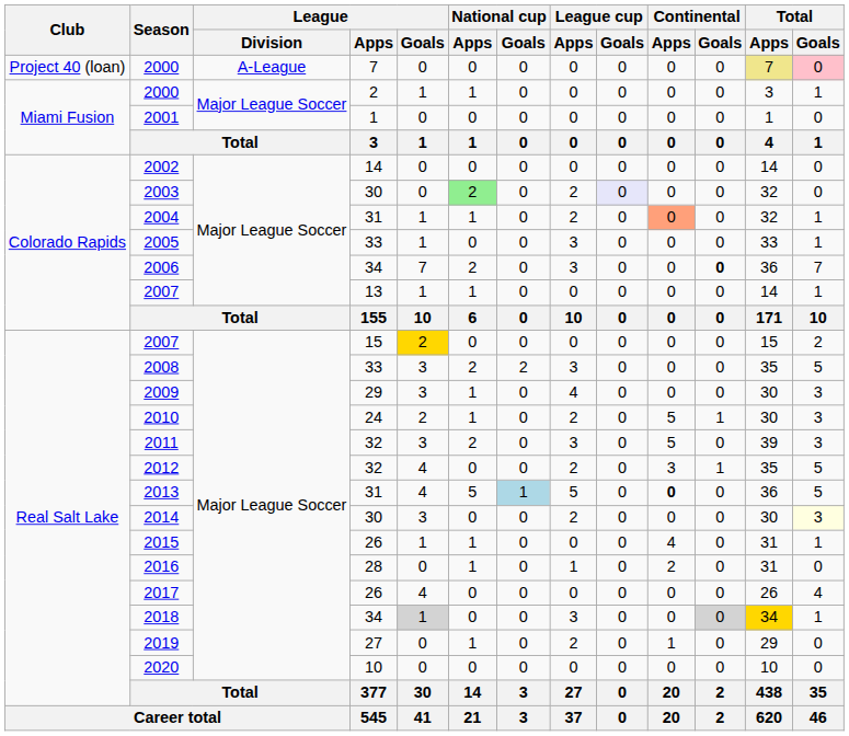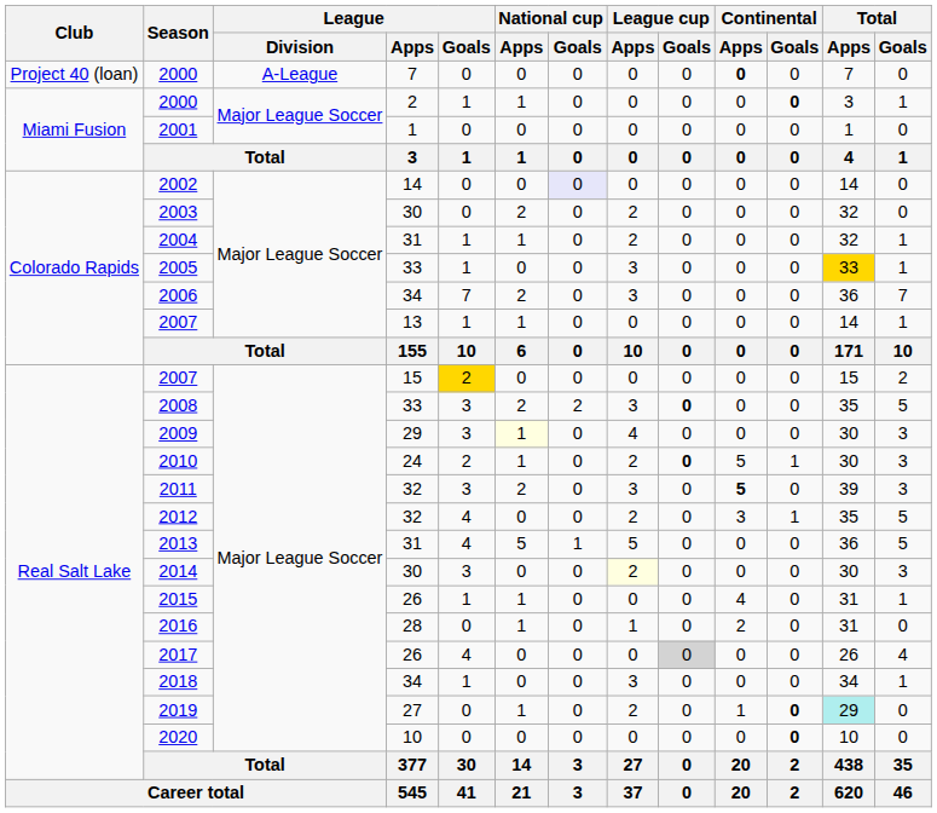 <table class="wikitable" style="text-align:center">
 <tr>
 <th rowspan="2">Club</th>
 <th rowspan="2">Season</th>
 <th colspan="3">League</th>
 <th colspan="2">National cup</th>
 <th colspan="2">League cup</th>
 <th colspan="2">Continental</th>
 <th colspan="2">Total</th>
 </tr>
 <tr>
 <th>Division</th>
 <th>Apps</th>
 <th>Goals</th>
 <th>Apps</th>
 <th>Goals</th>
 <th>Apps</th>
 <th>Goals</th>
 <th>Apps</th>
 <th>Goals</th>
 <th>Apps</th>
 <th>Goals</th>
 </tr>
 <tr>
 <td><a href='#'>Project 40</a> (loan)</td>
 <td><a href='#'>2000</a></td>
 <td><a href='#'>A-League</a></td>
 <td>7</td>
 <td>0</td>
 <td>0</td>
 <td>0</td>
 <td>0</td>
 <td>0</td>
+<td><strong>0</strong></td>
 <td>0</td>
+<td>7</td>
 <td>0</td>
-<td style="background: khaki;">7</td>
-<td style="background: pink;">0</td>
 </tr>
 <tr>
 <td rowspan="3"><a href='#'>Miami Fusion</a></td>
 <td><a href='#'>2000</a></td>
 <td rowspan="2"><a href='#'>Major League Soccer</a></td>
 <td>2</td>
 <td>1</td>
 <td>1</td>
 <td>0</td>
 <td>0</td>
 <td>0</td>
 <td>0</td>
-<td>0</td>
+<td><strong>0</strong></td>
 <td>3</td>
 <td>1</td>
 </tr>
 <tr>
 <td><a href='#'>2001</a></td>
 <td>1</td>
 <td>0</td>
 <td>0</td>
 <td>0</td>
 <td>0</td>
 <td>0</td>
 <td>0</td>
 <td>0</td>
 <td>1</td>
 <td>0</td>
 </tr>
 <tr>
 <th colspan="2">Total</th>
 <th>3</th>
 <th>1</th>
 <th>1</th>
 <th>0</th>
 <th>0</th>
 <th>0</th>
 <th>0</th>
 <th>0</th>
 <th>4</th>
 <th>1</th>
 </tr>
 <tr>
 <td rowspan="7"><a href='#'>Colorado Rapids</a></td>
 <td><a href='#'>2002</a></td>
 <td rowspan="6">Major League Soccer</td>
 <td>14</td>
 <td>0</td>
 <td>0</td>
-<td>0</td>
+<td style="background: lavender;">0</td>
 <td>0</td>
 <td>0</td>
 <td>0</td>
 <td>0</td>
 <td>14</td>
 <td>0</td>
 </tr>
 <tr>
 <td><a href='#'>2003</a></td>
 <td>30</td>
 <td>0</td>
-<td style="background: lightgreen;">2</td>
+<td>2</td>
 <td>0</td>
 <td>2</td>
-<td style="background: lavender;">0</td>
+<td>0</td>
 <td>0</td>
 <td>0</td>
 <td>32</td>
 <td>0</td>
 </tr>
 <tr>
 <td><a href='#'>2004</a></td>
 <td>31</td>
 <td>1</td>
 <td>1</td>
 <td>0</td>
 <td>2</td>
 <td>0</td>
-<td style="background: lightsalmon;">0</td>
+<td>0</td>
 <td>0</td>
 <td>32</td>
 <td>1</td>
 </tr>
 <tr>
 <td><a href='#'>2005</a></td>
 <td>33</td>
 <td>1</td>
 <td>0</td>
 <td>0</td>
 <td>3</td>
 <td>0</td>
 <td>0</td>
 <td>0</td>
-<td>33</td>
+<td style="background: gold;">33</td>
 <td>1</td>
 </tr>
 <tr>
 <td><a href='#'>2006</a></td>
 <td>34</td>
 <td>7</td>
 <td>2</td>
 <td>0</td>
 <td>3</td>
 <td>0</td>
 <td>0</td>
-<td><strong>0</strong></td>
+<td>0</td>
 <td>36</td>
 <td>7</td>
 </tr>
 <tr>
 <td><a href='#'>2007</a></td>
 <td>13</td>
 <td>1</td>
 <td>1</td>
 <td>0</td>
 <td>0</td>
 <td>0</td>
 <td>0</td>
 <td>0</td>
 <td>14</td>
 <td>1</td>
 </tr>
 <tr>
 <th colspan="2">Total</th>
 <th>155</th>
 <th>10</th>
 <th>6</th>
 <th>0</th>
 <th>10</th>
 <th>0</th>
 <th>0</th>
 <th>0</th>
 <th>171</th>
 <th>10</th>
 </tr>
 <tr>
 <td rowspan="15"><a href='#'>Real Salt Lake</a></td>
 <td><a href='#'>2007</a></td>
 <td rowspan="14">Major League Soccer</td>
 <td>15</td>
 <td style="background: gold;">2</td>
 <td>0</td>
 <td>0</td>
 <td>0</td>
 <td>0</td>
 <td>0</td>
 <td>0</td>
 <td>15</td>
 <td>2</td>
 </tr>
 <tr>
 <td><a href='#'>2008</a></td>
 <td>33</td>
 <td>3</td>
 <td>2</td>
 <td>2</td>
 <td>3</td>
-<td>0</td>
+<td><strong>0</strong></td>
 <td>0</td>
 <td>0</td>
 <td>35</td>
 <td>5</td>
 </tr>
 <tr>
 <td><a href='#'>2009</a></td>
 <td>29</td>
 <td>3</td>
-<td>1</td>
+<td style="background: lightyellow;">1</td>
 <td>0</td>
 <td>4</td>
 <td>0</td>
 <td>0</td>
 <td>0</td>
 <td>30</td>
 <td>3</td>
 </tr>
 <tr>
 <td><a href='#'>2010</a></td>
 <td>24</td>
 <td>2</td>
 <td>1</td>
 <td>0</td>
 <td>2</td>
-<td>0</td>
+<td><strong>0</strong></td>
 <td>5</td>
 <td>1</td>
 <td>30</td>
 <td>3</td>
 </tr>
 <tr>
 <td><a href='#'>2011</a></td>
 <td>32</td>
 <td>3</td>
 <td>2</td>
 <td>0</td>
 <td>3</td>
 <td>0</td>
-<td>5</td>
+<td><strong>5</strong></td>
 <td>0</td>
 <td>39</td>
 <td>3</td>
 </tr>
 <tr>
 <td><a href='#'>2012</a></td>
 <td>32</td>
 <td>4</td>
 <td>0</td>
 <td>0</td>
 <td>2</td>
 <td>0</td>
 <td>3</td>
 <td>1</td>
 <td>35</td>
 <td>5</td>
 </tr>
 <tr>
 <td><a href='#'>2013</a></td>
 <td>31</td>
 <td>4</td>
 <td>5</td>
-<td style="background: lightblue;">1</td>
+<td>1</td>
 <td>5</td>
 <td>0</td>
-<td><strong>0</strong></td>
+<td>0</td>
 <td>0</td>
 <td>36</td>
 <td>5</td>
 </tr>
 <tr>
 <td><a href='#'>2014</a></td>
 <td>30</td>
 <td>3</td>
 <td>0</td>
 <td>0</td>
-<td>2</td>
+<td style="background: lightyellow;">2</td>
 <td>0</td>
 <td>0</td>
 <td>0</td>
 <td>30</td>
-<td style="background: lightyellow;">3</td>
+<td>3</td>
 </tr>
 <tr>
 <td><a href='#'>2015</a></td>
 <td>26</td>
 <td>1</td>
 <td>1</td>
 <td>0</td>
 <td>0</td>
 <td>0</td>
 <td>4</td>
 <td>0</td>
 <td>31</td>
 <td>1</td>
 </tr>
 <tr>
 <td><a href='#'>2016</a></td>
 <td>28</td>
 <td>0</td>
 <td>1</td>
 <td>0</td>
 <td>1</td>
 <td>0</td>
 <td>2</td>
 <td>0</td>
 <td>31</td>
 <td>0</td>
 </tr>
 <tr>
 <td><a href='#'>2017</a></td>
 <td>26</td>
 <td>4</td>
 <td>0</td>
 <td>0</td>
 <td>0</td>
-<td>0</td>
+<td style="background: lightgrey;">0</td>
 <td>0</td>
 <td>0</td>
 <td>26</td>
 <td>4</td>
 </tr>
 <tr>
 <td><a href='#'>2018</a></td>
 <td>34</td>
-<td style="background: lightgrey;">1</td>
+<td>1</td>
 <td>0</td>
 <td>0</td>
 <td>3</td>
 <td>0</td>
 <td>0</td>
-<td style="background: lightgrey;">0</td>
-<td style="background: gold;">34</td>
+<td>0</td>
+<td>34</td>
 <td>1</td>
 </tr>
 <tr>
 <td><a href='#'>2019</a></td>
 <td>27</td>
 <td>0</td>
 <td>1</td>
 <td>0</td>
 <td>2</td>
 <td>0</td>
 <td>1</td>
-<td>0</td>
-<td>29</td>
+<td><strong>0</strong></td>
+<td style="background: paleturquoise;">29</td>
 <td>0</td>
 </tr>
 <tr>
 <td><a href='#'>2020</a></td>
 <td>10</td>
 <td>0</td>
 <td>0</td>
 <td>0</td>
 <td>0</td>
 <td>0</td>
 <td>0</td>
-<td>0</td>
+<td><strong>0</strong></td>
 <td>10</td>
 <td>0</td>
 </tr>
 <tr>
 <th colspan="2">Total</th>
 <th>377</th>
 <th>30</th>
 <th>14</th>
 <th>3</th>
 <th>27</th>
 <th>0</th>
 <th>20</th>
 <th>2</th>
 <th>438</th>
 <th>35</th>
 </tr>
 <tr>
 <th colspan="3">Career total</th>
 <th>545</th>
 <th>41</th>
 <th>21</th>
 <th>3</th>
 <th>37</th>
 <th>0</th>
 <th>20</th>
 <th>2</th>
 <th>620</th>
 <th>46</th>
 </tr>
 </table>
